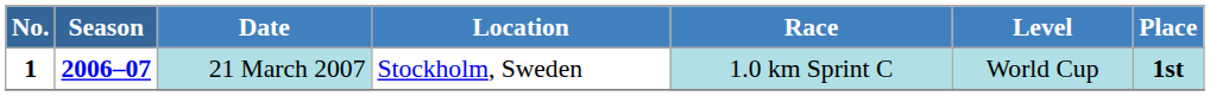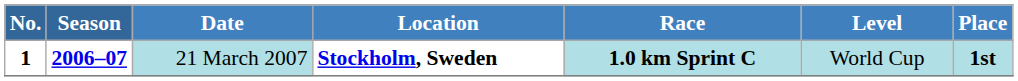 <table class="wikitable sortable" style="font-size:95%; text-align:center; border:grey solid 1px; border-collapse:collapse; background:#ffffff;">
 <tr style="background:#efefef;">
 <th style="background-color:#369; color:white;">No.</th>
 <th style="background-color:#369; color:white;">Season</th>
 <th style="background-color:#4180be; color:white; width:120px;">Date</th>
 <th style="background-color:#4180be; color:white; width:170px;">Location</th>
 <th style="background-color:#4180be; color:white; width:160px;">Race</th>
 <th style="background-color:#4180be; color:white; width:100px;">Level</th>
 <th style="background-color:#4180be; color:white;">Place</th>
 </tr>
 <tr>
 <td align=center><strong>1</strong></td>
 <td rowspan=1 align=center><strong><a href='#'>2006–07</a></strong></td>
 <td bgcolor="#BOEOE6" align=right>21 March 2007</td>
-<td align=left> <a href='#'>Stockholm</a>, Sweden</td>
-<td bgcolor="#BOEOE6">1.0 km Sprint C</td>
+<td align=left><strong> <a href='#'>Stockholm</a>, Sweden</strong></td>
+<td bgcolor="#BOEOE6"><strong>1.0 km Sprint C</strong></td>
 <td bgcolor="#BOEOE6">World Cup</td>
 <td bgcolor="#BOEOE6"><strong>1st</strong></td>
 </tr>
 <tr>
 </tr>
 </table>
